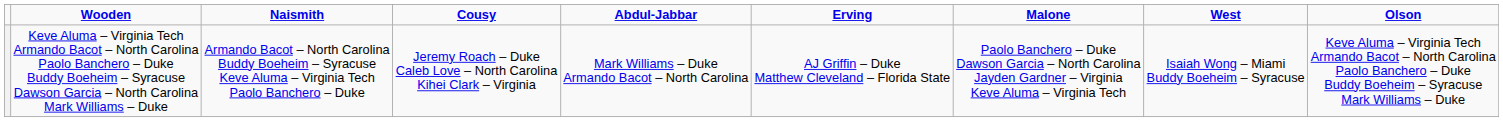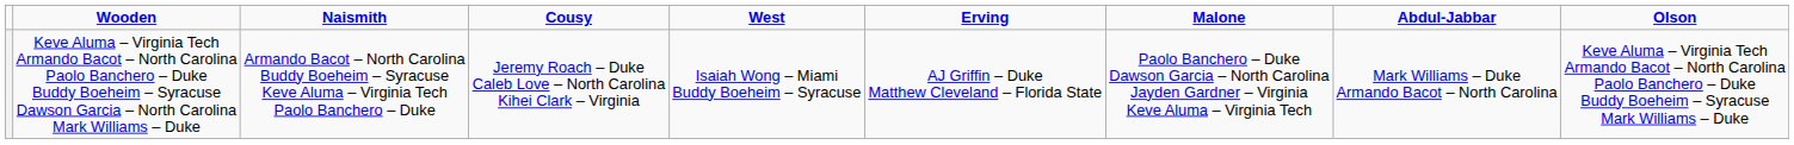 <table class="wikitable" style="white-space:nowrap; text-align:center; font-size:90%;">
 <tr>
 <td></td>
 <td><strong><a href='#'>Wooden</a></strong></td>
 <td><strong><a href='#'>Naismith</a></strong></td>
 <td><strong><a href='#'>Cousy</a></strong></td>
-<td><strong><a href='#'>Abdul-Jabbar</a></strong></td>
+<td><strong><a href='#'>West</a></strong></td>
 <td><strong><a href='#'>Erving</a></strong></td>
 <td><strong><a href='#'>Malone</a></strong></td>
-<td><strong><a href='#'>West</a></strong></td>
+<td><strong><a href='#'>Abdul-Jabbar</a></strong></td>
 <td><strong><a href='#'>Olson</a></strong></td>
 </tr>
 <tr>
 <th></th>
 <td><a href='#'>Keve Aluma</a> – Virginia Tech<br><a href='#'>Armando Bacot</a> – North Carolina<br><a href='#'>Paolo Banchero</a> – Duke<br><a href='#'>Buddy Boeheim</a> – Syracuse<br><a href='#'>Dawson Garcia</a> – North Carolina<br><a href='#'>Mark Williams</a> – Duke</td>
 <td><a href='#'>Armando Bacot</a> – North Carolina<br><a href='#'>Buddy Boeheim</a> – Syracuse<br><a href='#'>Keve Aluma</a> – Virginia Tech<br><a href='#'>Paolo Banchero</a> – Duke</td>
 <td><a href='#'>Jeremy Roach</a> – Duke<br><a href='#'>Caleb Love</a> – North Carolina<br><a href='#'>Kihei Clark</a> – Virginia</td>
-<td><a href='#'>Mark Williams</a> – Duke<br><a href='#'>Armando Bacot</a> – North Carolina</td>
+<td><a href='#'>Isaiah Wong</a> – Miami<br><a href='#'>Buddy Boeheim</a> – Syracuse</td>
 <td><a href='#'>AJ Griffin</a> – Duke<br><a href='#'>Matthew Cleveland</a> – Florida State</td>
 <td><a href='#'>Paolo Banchero</a> – Duke<br><a href='#'>Dawson Garcia</a> – North Carolina<br><a href='#'>Jayden Gardner</a> – Virginia<br><a href='#'>Keve Aluma</a> – Virginia Tech</td>
-<td><a href='#'>Isaiah Wong</a> – Miami<br><a href='#'>Buddy Boeheim</a> – Syracuse</td>
+<td><a href='#'>Mark Williams</a> – Duke<br><a href='#'>Armando Bacot</a> – North Carolina</td>
 <td><a href='#'>Keve Aluma</a> – Virginia Tech<br><a href='#'>Armando Bacot</a> – North Carolina<br><a href='#'>Paolo Banchero</a> – Duke<br><a href='#'>Buddy Boeheim</a> – Syracuse<br><a href='#'>Mark Williams</a> – Duke</td>
 </tr>
 </table>
